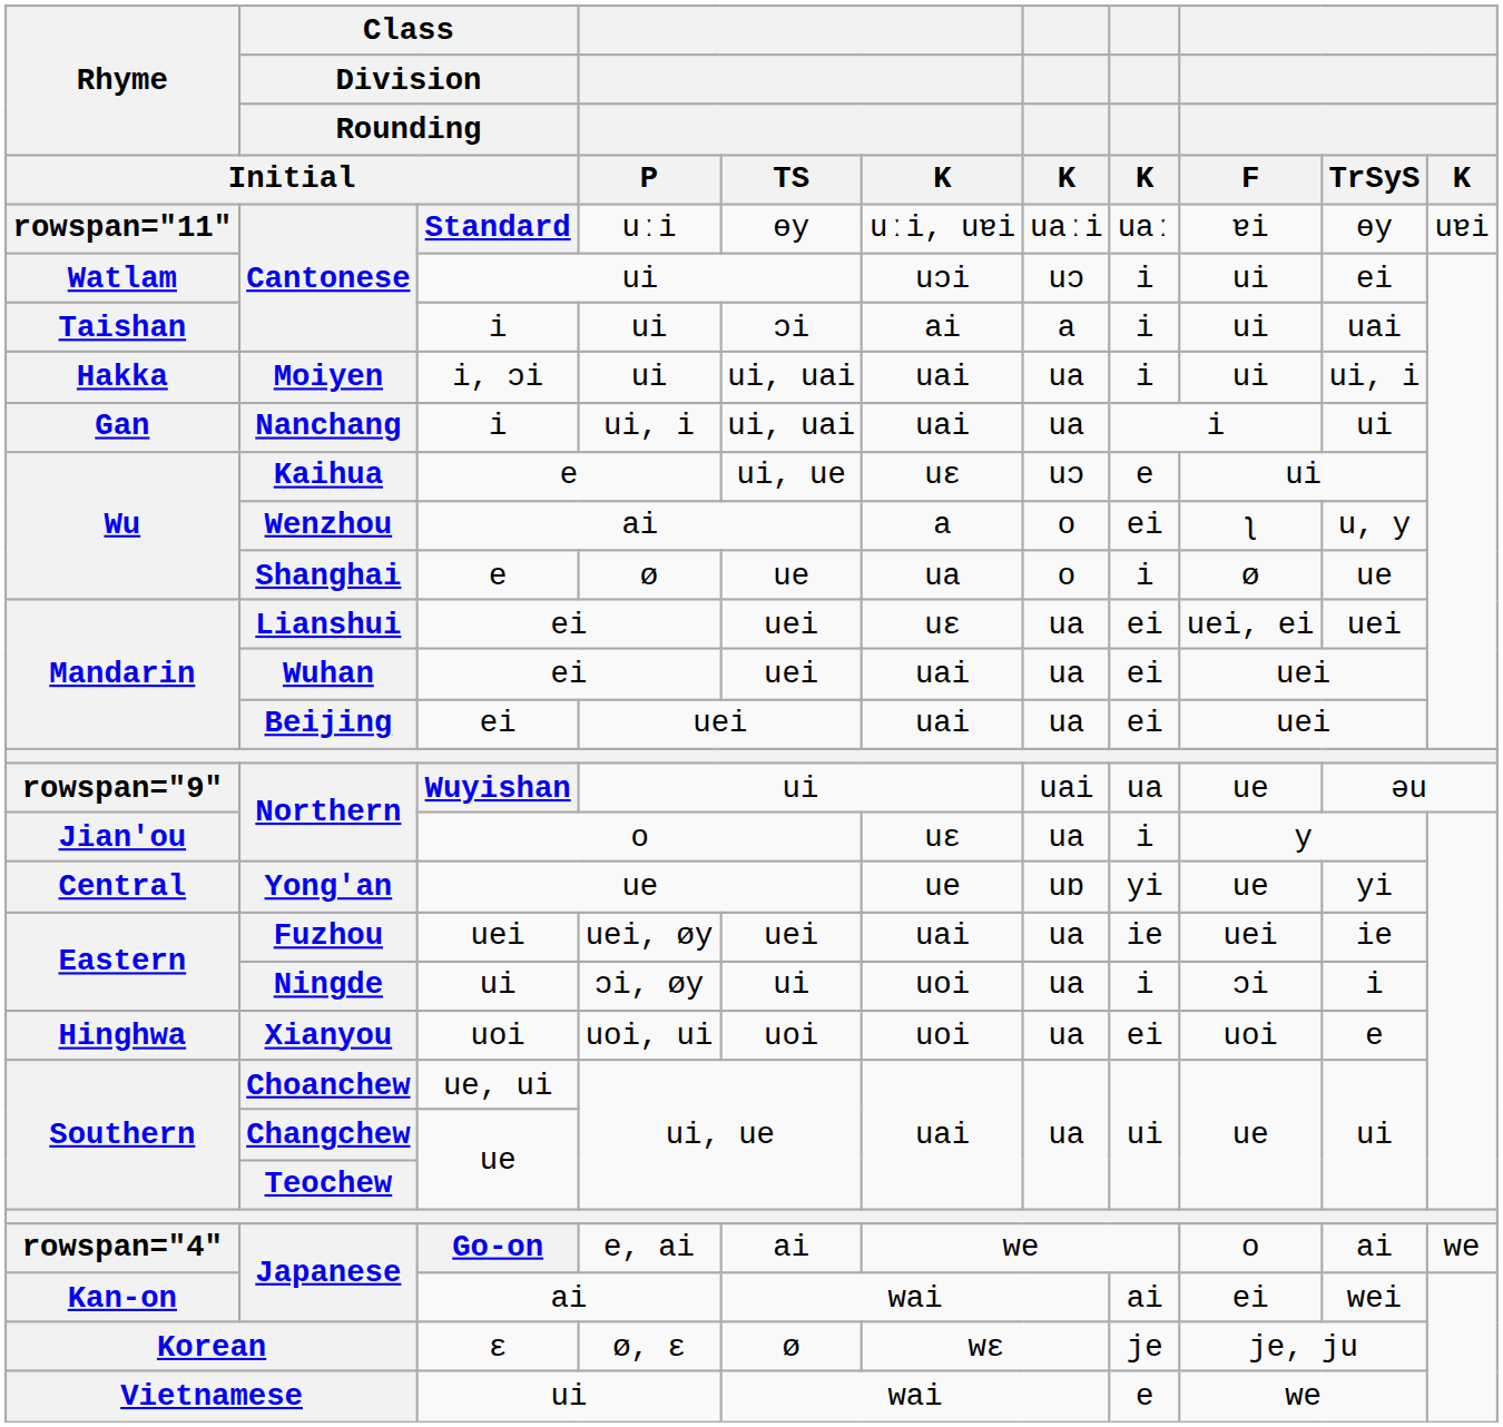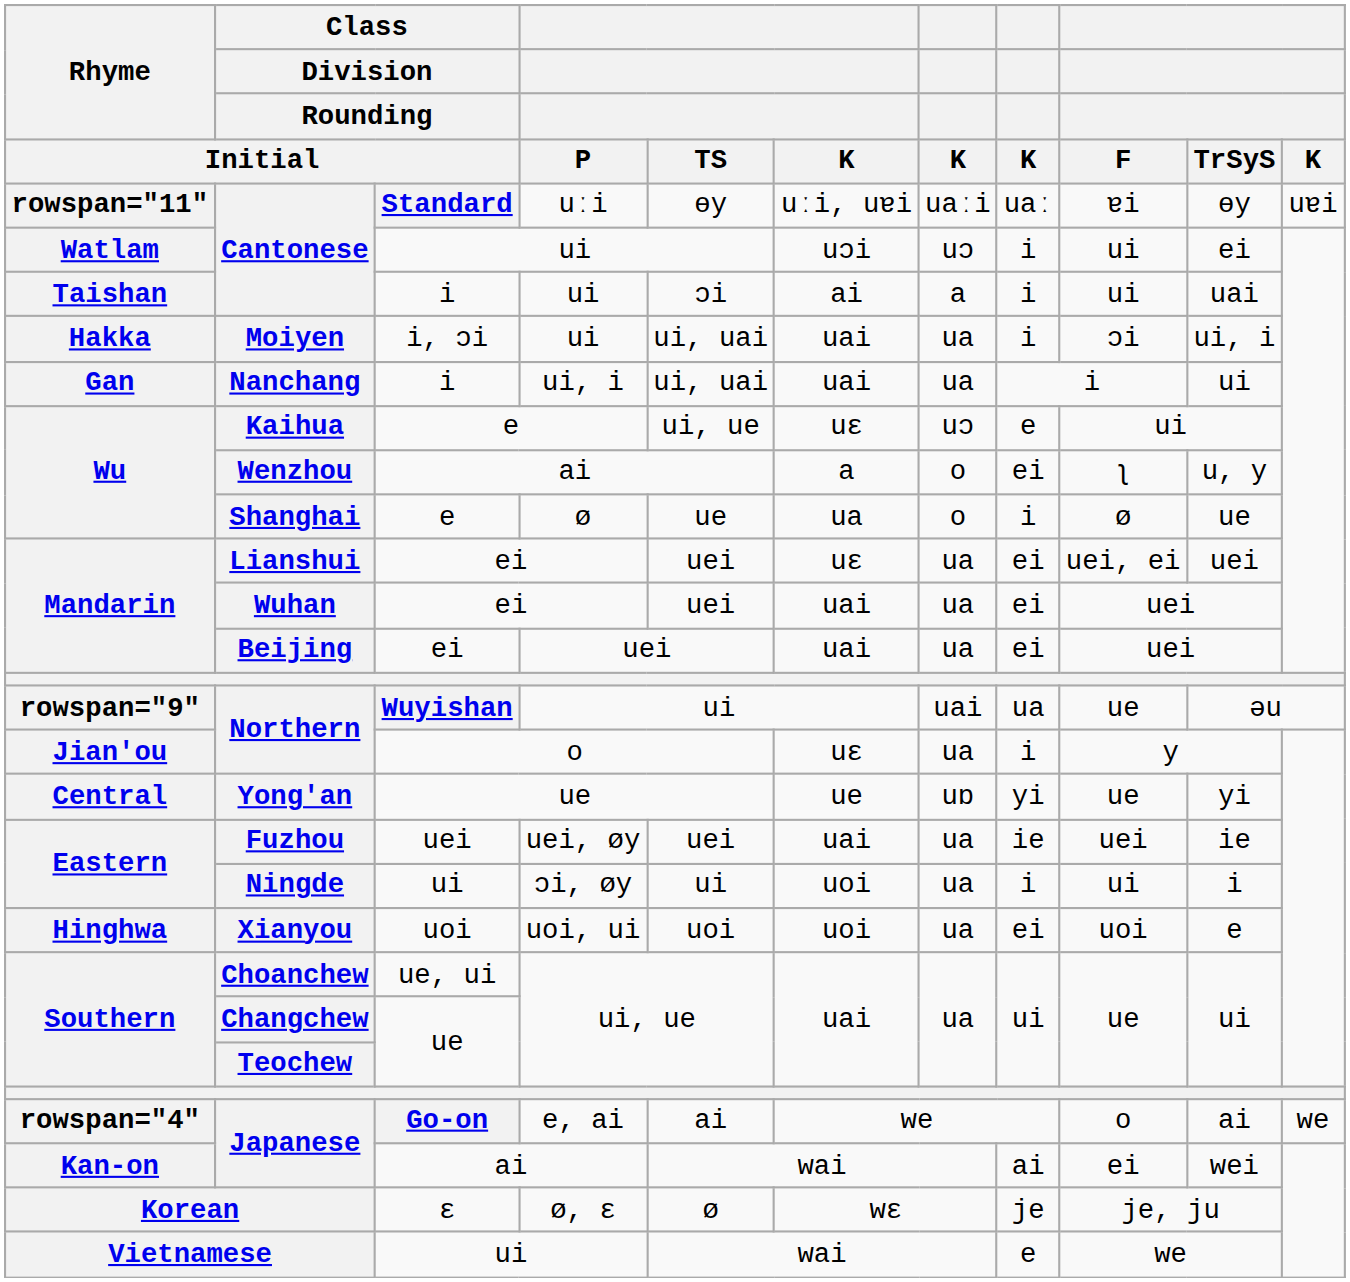 <table class="wikitable" style="text-align: center;">
 <tr>
 <th rowspan="3">Rhyme</th>
 <th colspan="2">Class</th>
 <th colspan="3"></th>
 <th></th>
 <th></th>
 <th colspan="3"></th>
 </tr>
 <tr>
 <th colspan="2">Division</th>
 <th colspan="3"></th>
 <th></th>
 <th></th>
 <th colspan="3"></th>
 </tr>
 <tr>
 <th colspan="2">Rounding</th>
 <th colspan="3"></th>
 <th></th>
 <th></th>
 <th colspan="3"></th>
 </tr>
 <tr>
 <th colspan="3">Initial</th>
 <th>P</th>
 <th>TS</th>
 <th>K</th>
 <th>K</th>
 <th>K</th>
 <th>F</th>
 <th>TrSyS</th>
 <th>K</th>
 </tr>
 <tr>
 <th>rowspan="11" </th>
 <th rowspan="3"><a href='#'>Cantonese</a></th>
 <th><a href='#'>Standard</a></th>
 <td>uːi</td>
 <td>ɵy</td>
 <td>uːi, uɐi</td>
 <td>uaːi</td>
 <td>uaː</td>
 <td>ɐi</td>
 <td>ɵy</td>
 <td>uɐi</td>
 </tr>
 <tr>
 <th><a href='#'>Watlam</a></th>
 <td colspan="3">ui</td>
 <td>uɔi</td>
 <td>uɔ</td>
 <td>i</td>
 <td>ui</td>
 <td>ei</td>
 </tr>
 <tr>
 <th><a href='#'>Taishan</a></th>
 <td>i</td>
 <td>ui</td>
 <td>ɔi</td>
 <td>ai</td>
 <td>a</td>
 <td>i</td>
 <td>ui</td>
 <td>uai</td>
 </tr>
 <tr>
 <th><a href='#'>Hakka</a></th>
 <th><a href='#'>Moiyen</a></th>
 <td>i, ɔi</td>
 <td>ui</td>
 <td>ui, uai</td>
 <td>uai</td>
 <td>ua</td>
 <td>i</td>
-<td>ui</td>
+<td>ɔi</td>
 <td>ui, i</td>
 </tr>
 <tr>
 <th><a href='#'>Gan</a></th>
 <th><a href='#'>Nanchang</a></th>
 <td>i</td>
 <td>ui, i</td>
 <td>ui, uai</td>
 <td>uai</td>
 <td>ua</td>
 <td colspan="2">i</td>
 <td>ui</td>
 </tr>
 <tr>
 <th rowspan="3"><a href='#'>Wu</a></th>
 <th><a href='#'>Kaihua</a></th>
 <td colspan="2">e</td>
 <td>ui, ue</td>
 <td>uɛ</td>
 <td>uɔ</td>
 <td>e</td>
 <td colspan="2">ui</td>
 </tr>
 <tr>
 <th><a href='#'>Wenzhou</a></th>
 <td colspan="3">ai</td>
 <td>a</td>
 <td>o</td>
 <td>ei</td>
 <td>ʅ</td>
 <td>u, y</td>
 </tr>
 <tr>
 <th><a href='#'>Shanghai</a></th>
 <td>e</td>
 <td>ø</td>
 <td>ue</td>
 <td>ua</td>
 <td>o</td>
 <td>i</td>
 <td>ø</td>
 <td>ue</td>
 </tr>
 <tr>
 <th rowspan="3"><a href='#'>Mandarin</a></th>
 <th><a href='#'>Lianshui</a></th>
 <td colspan="2">ei</td>
 <td>uei</td>
 <td>uɛ</td>
 <td>ua</td>
 <td>ei</td>
 <td>uei, ei</td>
 <td>uei</td>
 </tr>
 <tr>
 <th><a href='#'>Wuhan</a></th>
 <td colspan="2">ei</td>
 <td>uei</td>
 <td>uai</td>
 <td>ua</td>
 <td>ei</td>
 <td colspan="2">uei</td>
 </tr>
 <tr>
 <th><a href='#'>Beijing</a></th>
 <td>ei</td>
 <td colspan="2">uei</td>
 <td>uai</td>
 <td>ua</td>
 <td>ei</td>
 <td colspan="2">uei</td>
 </tr>
 <tr>
 <th colspan="11"></th>
 </tr>
 <tr>
 <th>rowspan="9" </th>
 <th rowspan="2"><a href='#'>Northern</a></th>
 <th><a href='#'>Wuyishan</a></th>
 <td colspan="3">ui</td>
 <td>uai</td>
 <td>ua</td>
 <td>ue</td>
 <td colspan="2">əu</td>
 </tr>
 <tr>
 <th><a href='#'>Jian'ou</a></th>
 <td colspan="3">o</td>
 <td>uɛ</td>
 <td>ua</td>
 <td>i</td>
 <td colspan="2">y</td>
 </tr>
 <tr>
 <th><a href='#'>Central</a></th>
 <th><a href='#'>Yong'an</a></th>
 <td colspan="3">ue</td>
 <td>ue</td>
 <td>uɒ</td>
 <td>yi</td>
 <td>ue</td>
 <td>yi</td>
 </tr>
 <tr>
 <th rowspan="2"><a href='#'>Eastern</a></th>
 <th><a href='#'>Fuzhou</a></th>
 <td>uei</td>
 <td>uei, øy</td>
 <td>uei</td>
 <td>uai</td>
 <td>ua</td>
 <td>ie</td>
 <td>uei</td>
 <td>ie</td>
 </tr>
 <tr>
 <th><a href='#'>Ningde</a></th>
 <td>ui</td>
 <td>ɔi, øy</td>
 <td>ui</td>
 <td>uoi</td>
 <td>ua</td>
 <td>i</td>
-<td>ɔi</td>
+<td>ui</td>
 <td>i</td>
 </tr>
 <tr>
 <th><a href='#'>Hinghwa</a></th>
 <th><a href='#'>Xianyou</a></th>
 <td>uoi</td>
 <td>uoi, ui</td>
 <td>uoi</td>
 <td>uoi</td>
 <td>ua</td>
 <td>ei</td>
 <td>uoi</td>
 <td>e</td>
 </tr>
 <tr>
 <th rowspan="3"><a href='#'>Southern</a></th>
 <th><a href='#'>Choanchew</a></th>
 <td>ue, ui</td>
 <td colspan="2" rowspan="3">ui, ue</td>
 <td rowspan="3">uai</td>
 <td rowspan="3">ua</td>
 <td rowspan="3">ui</td>
 <td rowspan="3">ue</td>
 <td rowspan="3">ui</td>
 </tr>
 <tr>
 <th><a href='#'>Changchew</a></th>
 <td rowspan="2">ue</td>
 </tr>
 <tr>
 <th><a href='#'>Teochew</a></th>
 </tr>
 <tr>
 <th colspan="11"></th>
 </tr>
 <tr>
 <th>rowspan="4" </th>
 <th rowspan="2"><a href='#'>Japanese</a></th>
 <th><a href='#'>Go-on</a></th>
 <td>e, ai</td>
 <td>ai</td>
 <td colspan="3">we</td>
 <td>o</td>
 <td>ai</td>
 <td>we</td>
 </tr>
 <tr>
 <th><a href='#'>Kan-on</a></th>
 <td colspan="2">ai</td>
 <td colspan="3">wai</td>
 <td>ai</td>
 <td>ei</td>
 <td>wei</td>
 </tr>
 <tr>
 <th colspan="2"><a href='#'>Korean</a></th>
 <td>ɛ</td>
 <td>ø, ɛ</td>
 <td>ø</td>
 <td colspan="2">wɛ</td>
 <td>je</td>
 <td colspan="2">je, ju</td>
 </tr>
 <tr>
 <th colspan="2"><a href='#'>Vietnamese</a></th>
 <td colspan="2">ui</td>
 <td colspan="3">wai</td>
 <td>e</td>
 <td colspan="2">we</td>
 </tr>
 </table>
